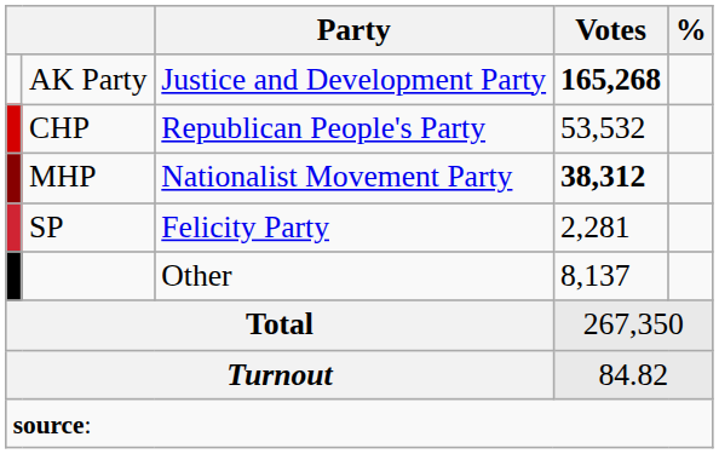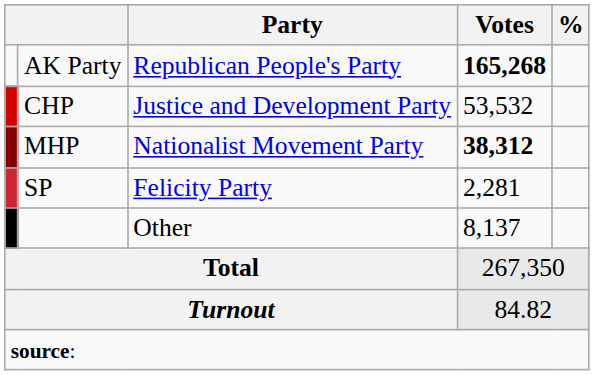 <table class="wikitable">
 <tr>
 <th colspan="2" align="center"></th>
 <th align="center">Party</th>
 <th align="center">Votes</th>
 <th align="center">%</th>
 </tr>
 <tr align="left">
 <td></td>
 <td>AK Party</td>
-<td><a href='#'>Justice and Development Party</a></td>
+<td><a href='#'>Republican People's Party</a></td>
 <td><strong>165,268</strong></td>
 <td><strong></strong></td>
 </tr>
 <tr align="left">
 <td bgcolor="#d50000" width="1"></td>
 <td>CHP</td>
-<td><a href='#'>Republican People's Party</a></td>
+<td><a href='#'>Justice and Development Party</a></td>
 <td>53,532</td>
 <td></td>
 </tr>
 <tr align="left">
 <td bgcolor="#870000" width="1"></td>
 <td>MHP</td>
 <td><a href='#'>Nationalist Movement Party</a></td>
 <td><strong>38,312</strong></td>
 <td></td>
 </tr>
 <tr align="left">
 <td bgcolor="#D02433" width="1"></td>
 <td>SP</td>
 <td><a href='#'>Felicity Party</a></td>
 <td>2,281</td>
 <td></td>
 </tr>
 <tr align="left">
 <td bgcolor=" " width="1"></td>
 <td></td>
 <td>Other</td>
 <td>8,137</td>
 <td></td>
 </tr>
 <tr align="left" style="background-color:#E9E9E9">
 <th colspan="3" align="center"><strong>Total</strong></th>
 <td colspan="5" align="center">267,350</td>
 </tr>
 <tr align="left" style="background-color:#E9E9E9">
 <th colspan="3" align="center"><em>Turnout</em></th>
 <td colspan="5" align="center">84.82</td>
 </tr>
 <tr>
 <td colspan="9" align="left"><small><strong>source</strong>: </small></td>
 </tr>
 </table>
